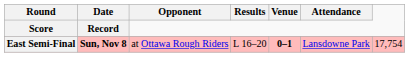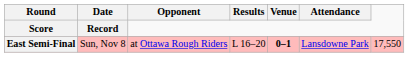 <table class="wikitable" style="text-align:center">
 <tr>
 <th>Round</th>
 <th>Date</th>
 <th>Opponent</th>
 <th>Results</th>
 <th>Venue</th>
 <th>Attendance</th>
 </tr>
 <tr>
 <th>Score</th>
 <th>Record</th>
 </tr>
 <tr style="background:#ffbbbb">
 <th>East Semi-Final</th>
-<td><strong>Sun, Nov 8</strong></td>
+<td>Sun, Nov 8</td>
 <td>at <a href='#'>Ottawa Rough Riders</a></td>
 <td>L 16–20</td>
 <td><strong>0–1</strong></td>
 <td><a href='#'>Lansdowne Park</a></td>
-<td>17,754</td>
+<td>17,550</td>
 </tr>
 </table>
